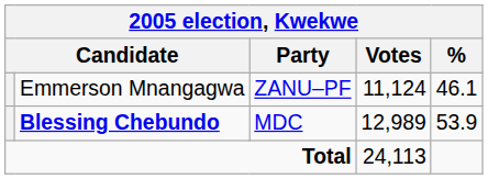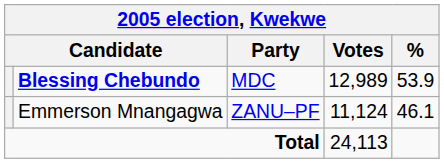 <table class="wikitable">
 <tr>
 <th colspan="5"><a href='#'>2005 election</a>, <a href='#'>Kwekwe</a></th>
 </tr>
 <tr>
 <th colspan="2">Candidate</th>
 <th>Party</th>
 <th>Votes</th>
 <th>%</th>
 </tr>
 <tr>
 <th style="background-color: "></th>
+<td><strong><a href='#'>Blessing Chebundo</a></strong></td>
+<td><a href='#'>MDC</a></td>
+<td style="text-align:right">12,989</td>
+<td style="text-align:right">53.9</td>
+</tr>
+<tr>
+<th style="background-color: "></th>
 <td>Emmerson Mnangagwa</td>
 <td><a href='#'>ZANU–PF</a></td>
 <td style="text-align:right">11,124</td>
 <td style="text-align:right">46.1</td>
-</tr>
-<tr>
-<th style="background-color: "></th>
-<td><strong><a href='#'>Blessing Chebundo</a></strong></td>
-<td><a href='#'>MDC</a></td>
-<td style="text-align:right">12,989</td>
-<td style="text-align:right">53.9</td>
 </tr>
 <tr>
 <td colspan="3" style="text-align:right"><strong>Total</strong></td>
 <td style="text-align:right">24,113</td>
 <td style="text-align:right"></td>
 </tr>
 </table>
